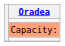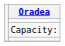 <table class="wikitable" style="text-align:center">
 <tr>
 <th rowspan="4" colspan="2"></th>
 <th><a href='#'>Oradea</a></th>
 </tr>
 <tr>
 <td></td>
 </tr>
 <tr>
-<td style="background: lightsalmon;">Capacity:</td>
+<td>Capacity:</td>
 </tr>
 <tr>
 <td></td>
 </tr>
 <tr>
 </tr>
 </table>
